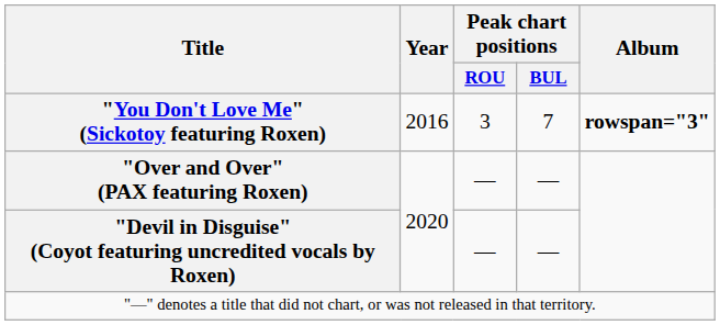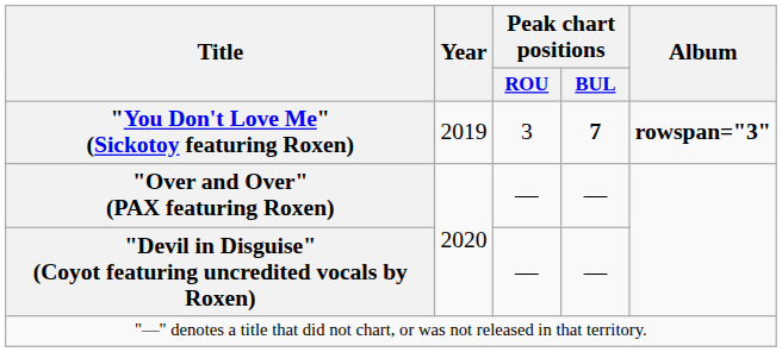 <table class="wikitable plainrowheaders" style="text-align:center;">
 <tr>
 <th scope="col" rowspan="2" style="width:18em;">Title</th>
 <th scope="col" rowspan="2" style="width:1em;">Year</th>
 <th scope="col" colspan="2">Peak chart positions</th>
 <th scope="col" rowspan="2">Album</th>
 </tr>
 <tr>
 <th style="width:3em;font-size:85%"><a href='#'>ROU</a><br></th>
 <th style="width:3em;font-size:85%"><a href='#'>BUL</a><br></th>
 </tr>
 <tr>
 <th scope="row">"<a href='#'>You Don't Love Me</a>"<br><span>(<a href='#'>Sickotoy</a> featuring Roxen)</span></th>
-<td rowspan="1">2016</td>
+<td rowspan="1">2019</td>
 <td>3</td>
-<td>7</td>
+<td><strong>7</strong></td>
 <td><strong>rowspan="3" </strong></td>
 </tr>
 <tr>
 <th scope="row">"Over and Over"<br><span>(PAX featuring Roxen)</span></th>
 <td rowspan="2">2020</td>
 <td>—</td>
 <td>—</td>
 </tr>
 <tr>
 <th scope="row">"Devil in Disguise"<br><span>(Coyot featuring uncredited vocals by Roxen)</span></th>
 <td>—</td>
 <td>—</td>
 </tr>
 <tr>
 <td colspan="6" style="font-size:9pt">"—" denotes a title that did not chart, or was not released in that territory.</td>
 </tr>
 </table>
